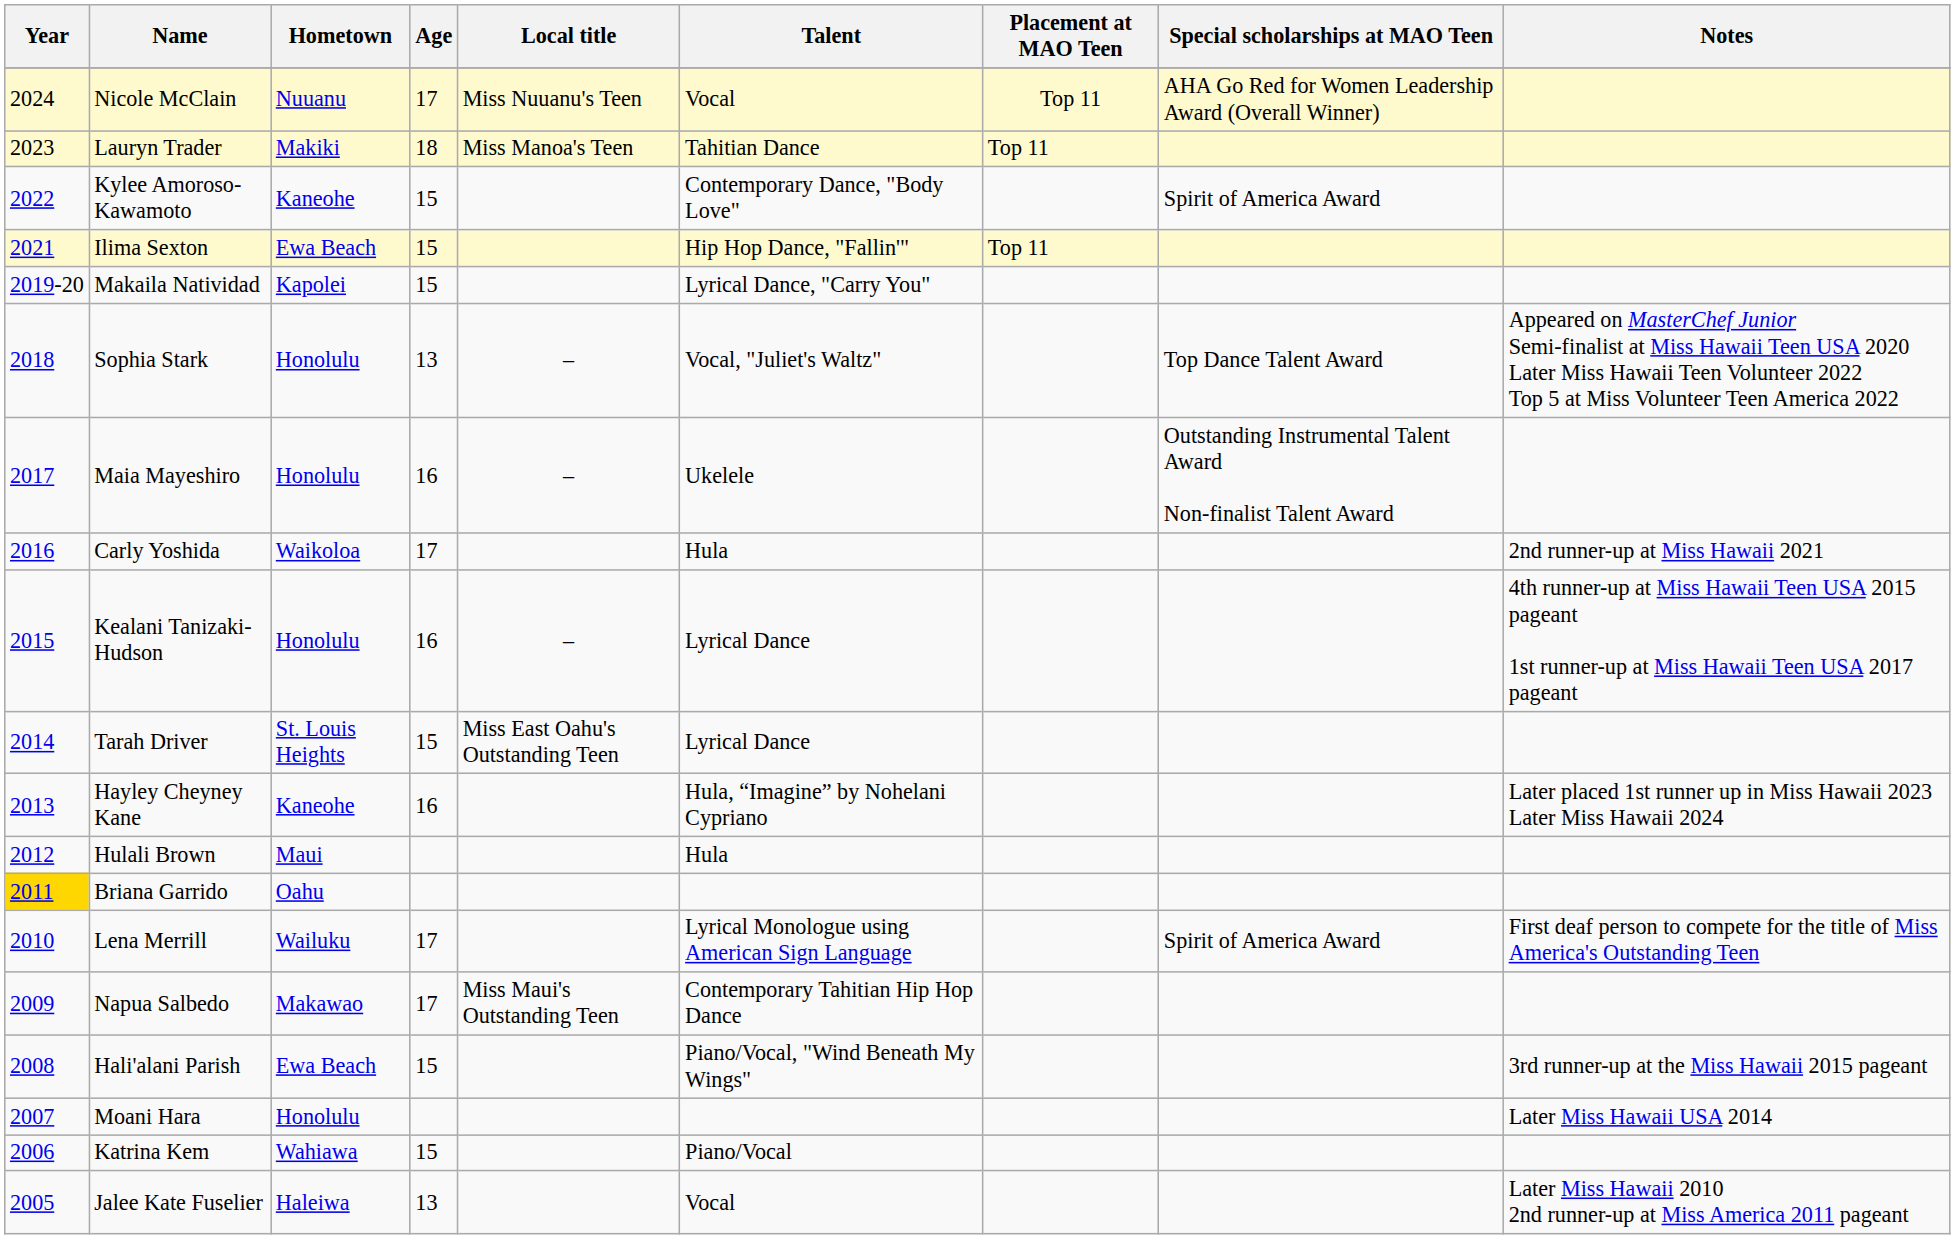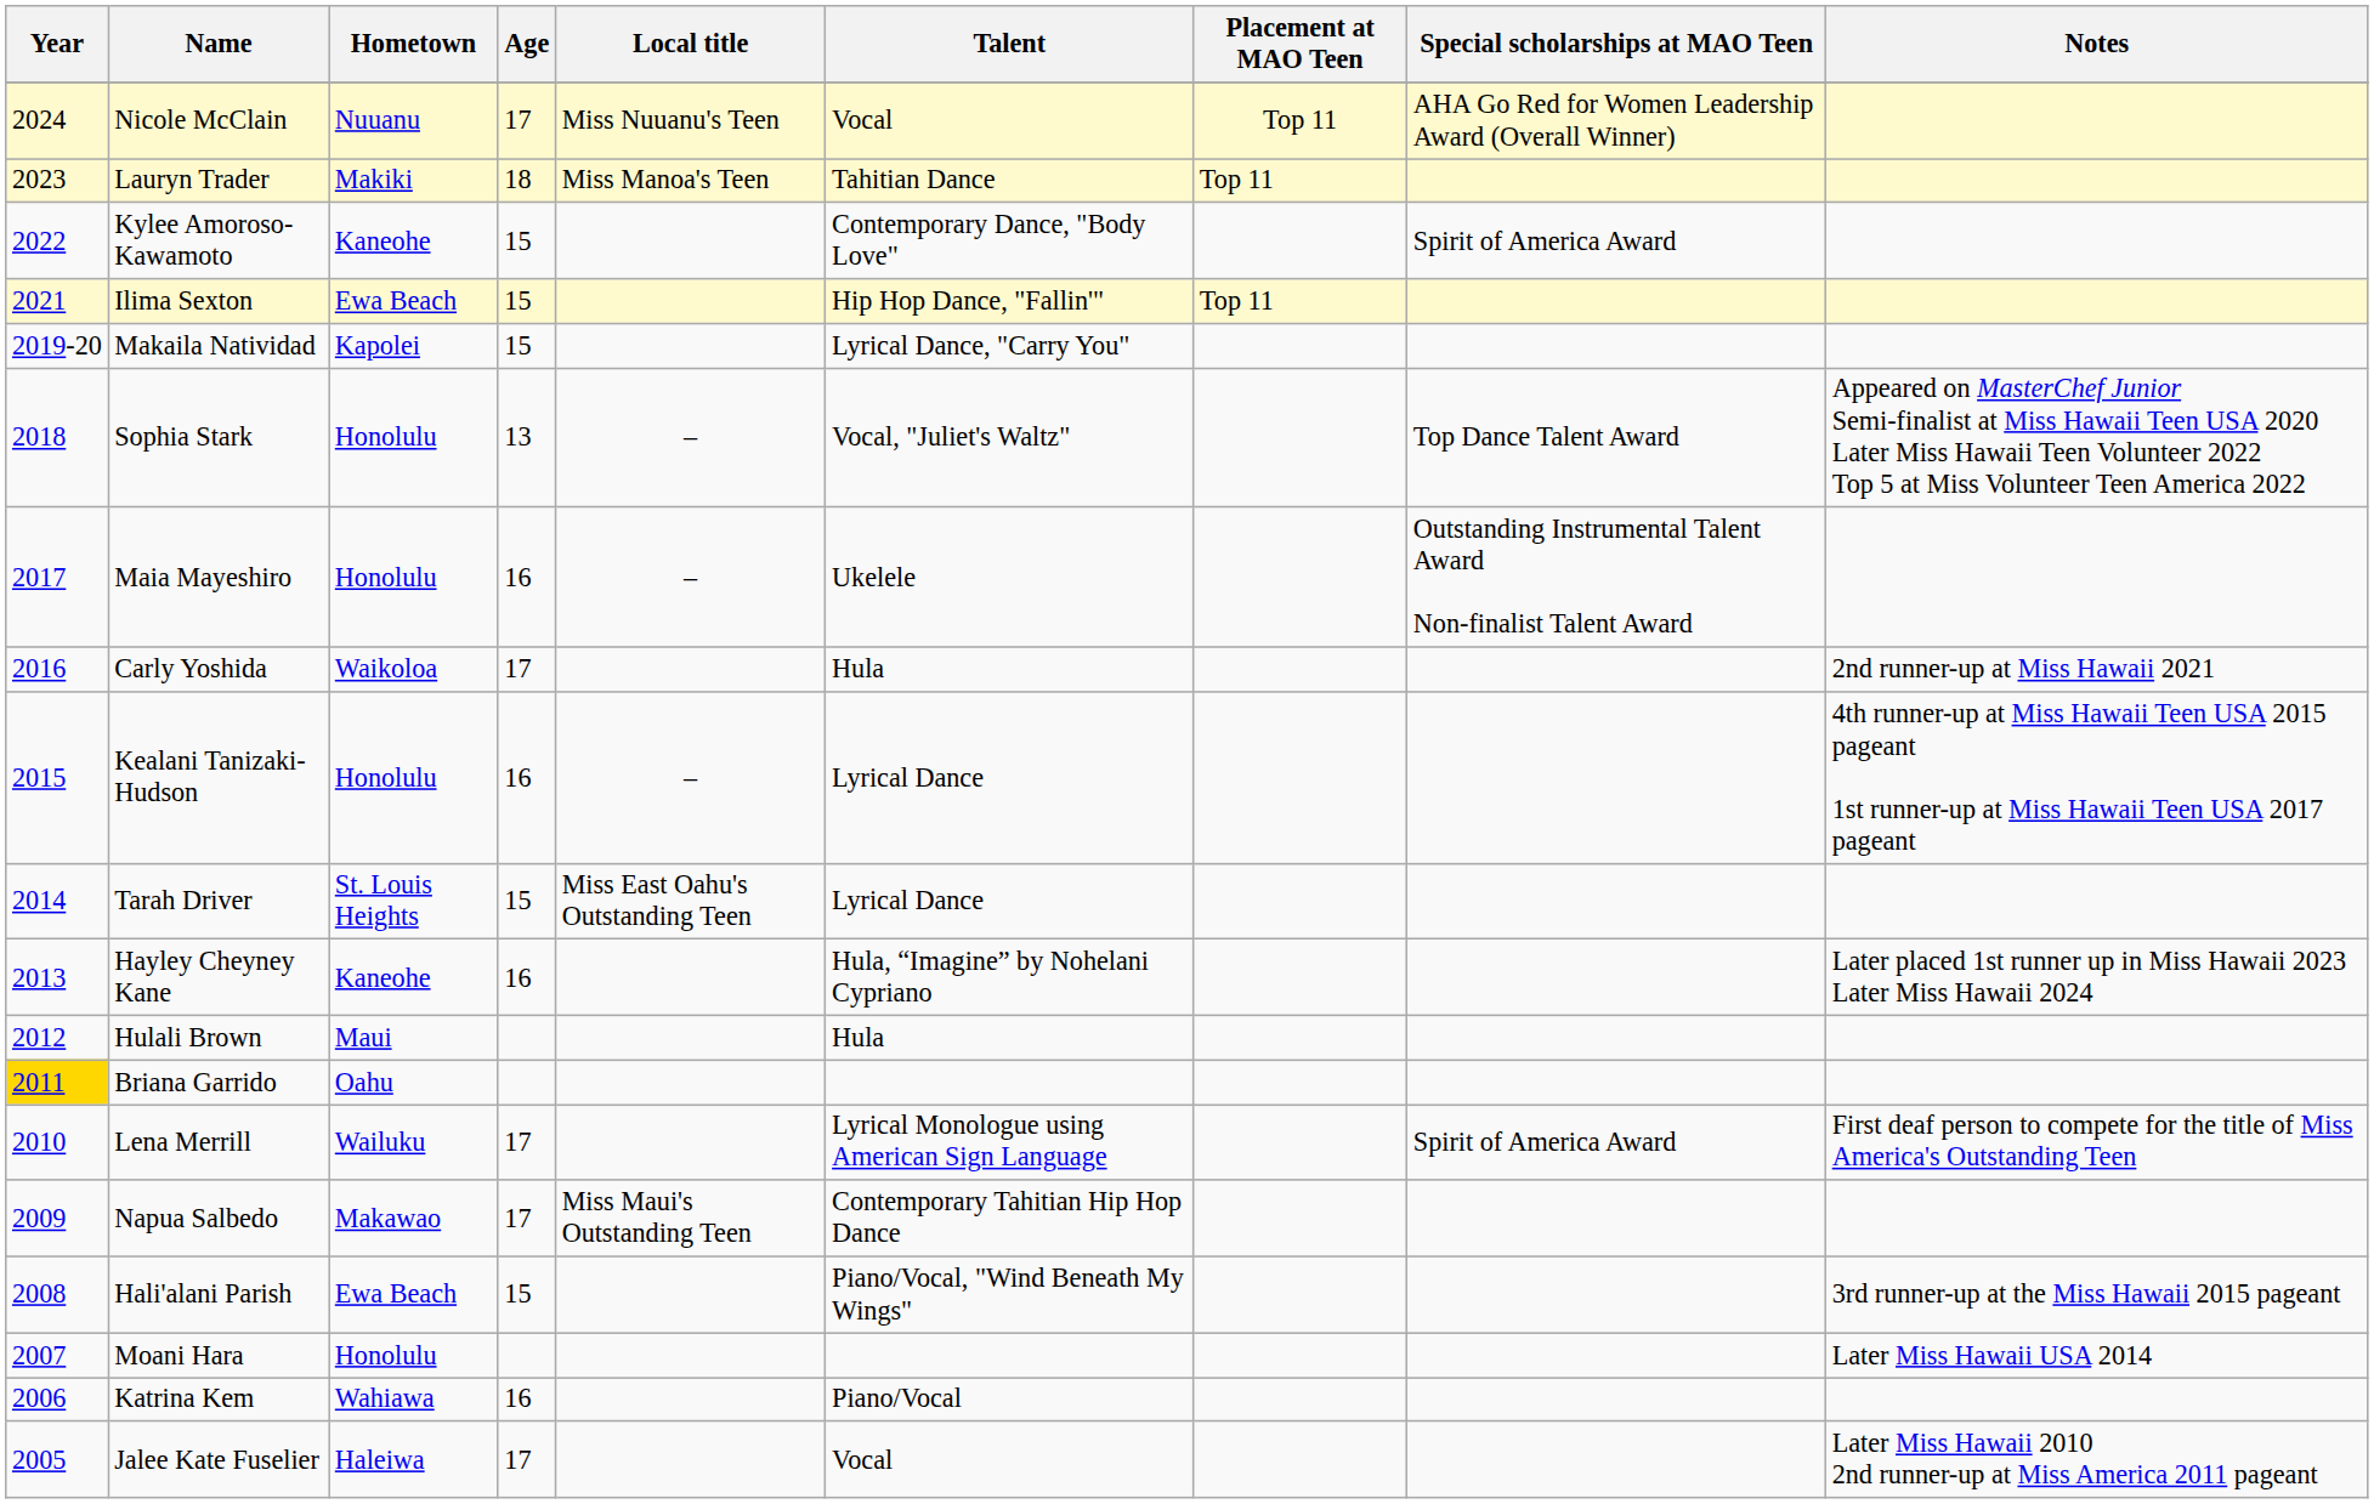 <table class="wikitable sortable"style="width:100%; font-size:90%;">
 <tr>
 <th>Year</th>
 <th>Name</th>
 <th>Hometown</th>
 <th>Age</th>
 <th>Local title</th>
 <th>Talent</th>
 <th>Placement at MAO Teen</th>
 <th>Special scholarships at MAO Teen</th>
 <th>Notes</th>
 </tr>
 <tr>
 </tr>
 <tr style="background-color:#FFFACD;">
 <td>2024</td>
 <td>Nicole McClain</td>
 <td><a href='#'>Nuuanu</a></td>
 <td>17</td>
 <td>Miss Nuuanu's Teen</td>
 <td>Vocal</td>
 <td align="center">Top 11</td>
 <td>AHA Go Red for Women Leadership Award (Overall Winner)</td>
 <td></td>
 </tr>
 <tr style="background-color:#FFFACD;">
 <td>2023</td>
 <td>Lauryn Trader</td>
 <td><a href='#'>Makiki</a></td>
 <td>18</td>
 <td>Miss Manoa's Teen</td>
 <td>Tahitian Dance</td>
 <td>Top 11</td>
 <td></td>
 <td></td>
 </tr>
 <tr>
 <td><a href='#'>2022</a></td>
 <td>Kylee Amoroso-Kawamoto</td>
 <td><a href='#'>Kaneohe</a></td>
 <td>15</td>
 <td></td>
 <td>Contemporary Dance, "Body Love"</td>
 <td align="center"></td>
 <td>Spirit of America Award</td>
 <td></td>
 </tr>
 <tr style="background-color:#FFFACD;">
 <td><a href='#'>2021</a></td>
 <td>Ilima Sexton</td>
 <td><a href='#'>Ewa Beach</a></td>
 <td>15</td>
 <td></td>
 <td>Hip Hop Dance, "Fallin'"</td>
 <td>Top 11</td>
 <td></td>
 <td></td>
 </tr>
 <tr>
 <td><a href='#'>2019</a>-20</td>
 <td>Makaila Natividad</td>
 <td><a href='#'>Kapolei</a></td>
 <td>15</td>
 <td></td>
 <td>Lyrical Dance, "Carry You"</td>
 <td></td>
 <td></td>
 <td></td>
 </tr>
 <tr>
 <td><a href='#'>2018</a></td>
 <td>Sophia Stark</td>
 <td><a href='#'>Honolulu</a></td>
 <td>13</td>
 <td style="text-align:center;">–</td>
 <td>Vocal, "Juliet's Waltz"</td>
 <td></td>
 <td>Top Dance Talent Award</td>
 <td>Appeared on <em><a href='#'>MasterChef Junior</a></em><br>Semi-finalist at <a href='#'>Miss Hawaii Teen USA</a> 2020 Later Miss Hawaii Teen Volunteer 2022<br>Top 5 at Miss Volunteer Teen America 2022</td>
 </tr>
 <tr>
 <td><a href='#'>2017</a></td>
 <td>Maia Mayeshiro</td>
 <td><a href='#'>Honolulu</a></td>
 <td>16</td>
 <td style="text-align:center;">–</td>
 <td>Ukelele</td>
 <td></td>
 <td>Outstanding Instrumental Talent Award<br><br>Non-finalist Talent Award</td>
 <td></td>
 </tr>
 <tr>
 <td><a href='#'>2016</a></td>
 <td>Carly Yoshida</td>
 <td><a href='#'>Waikoloa</a></td>
 <td>17</td>
 <td></td>
 <td>Hula</td>
 <td></td>
 <td></td>
 <td>2nd runner-up at <a href='#'>Miss Hawaii</a> 2021</td>
 </tr>
 <tr>
 <td><a href='#'>2015</a></td>
 <td>Kealani Tanizaki-Hudson</td>
 <td><a href='#'>Honolulu</a></td>
 <td>16</td>
 <td style="text-align:center;">–</td>
 <td>Lyrical Dance</td>
 <td></td>
 <td></td>
 <td>4th runner-up at <a href='#'>Miss Hawaii Teen USA</a> 2015 pageant<br><br>1st runner-up at <a href='#'>Miss Hawaii Teen USA</a> 2017 pageant</td>
 </tr>
 <tr>
 <td><a href='#'>2014</a></td>
 <td>Tarah Driver</td>
 <td><a href='#'>St. Louis Heights</a></td>
 <td>15</td>
 <td>Miss East Oahu's Outstanding Teen</td>
 <td>Lyrical Dance</td>
 <td></td>
 <td></td>
 <td></td>
 </tr>
 <tr>
 <td><a href='#'>2013</a></td>
 <td>Hayley Cheyney Kane</td>
 <td><a href='#'>Kaneohe</a></td>
 <td>16</td>
 <td></td>
 <td>Hula, “Imagine” by Nohelani Cypriano</td>
 <td></td>
 <td></td>
 <td>Later placed 1st runner up in Miss Hawaii 2023<br>Later Miss Hawaii 2024</td>
 </tr>
 <tr>
 <td><a href='#'>2012</a></td>
 <td>Hulali Brown</td>
 <td><a href='#'>Maui</a></td>
 <td></td>
 <td></td>
 <td>Hula</td>
 <td></td>
 <td></td>
 <td></td>
 </tr>
 <tr>
 <td style="background: gold;"><a href='#'>2011</a></td>
 <td>Briana Garrido</td>
 <td><a href='#'>Oahu</a></td>
 <td></td>
 <td></td>
 <td></td>
 <td></td>
 <td></td>
 <td></td>
 </tr>
 <tr>
 <td><a href='#'>2010</a></td>
 <td>Lena Merrill</td>
 <td><a href='#'>Wailuku</a></td>
 <td>17</td>
 <td></td>
 <td>Lyrical Monologue using <a href='#'>American Sign Language</a></td>
 <td></td>
 <td>Spirit of America Award</td>
 <td>First deaf person to compete for the title of <a href='#'>Miss America's Outstanding Teen</a></td>
 </tr>
 <tr>
 <td><a href='#'>2009</a></td>
 <td>Napua Salbedo</td>
 <td><a href='#'>Makawao</a></td>
 <td>17</td>
 <td>Miss Maui's Outstanding Teen</td>
 <td>Contemporary Tahitian Hip Hop Dance</td>
 <td></td>
 <td></td>
 <td></td>
 </tr>
 <tr>
 <td><a href='#'>2008</a></td>
 <td>Hali'alani Parish</td>
 <td><a href='#'>Ewa Beach</a></td>
 <td>15</td>
 <td></td>
 <td>Piano/Vocal, "Wind Beneath My Wings"</td>
 <td></td>
 <td></td>
 <td>3rd runner-up at the <a href='#'>Miss Hawaii</a> 2015 pageant</td>
 </tr>
 <tr>
 <td><a href='#'>2007</a></td>
 <td>Moani Hara</td>
 <td><a href='#'>Honolulu</a></td>
 <td></td>
 <td></td>
 <td></td>
 <td></td>
 <td></td>
 <td>Later <a href='#'>Miss Hawaii USA</a> 2014</td>
 </tr>
 <tr>
 <td><a href='#'>2006</a></td>
 <td>Katrina Kem</td>
 <td><a href='#'>Wahiawa</a></td>
-<td>15</td>
+<td>16</td>
 <td></td>
 <td>Piano/Vocal</td>
 <td></td>
 <td></td>
 <td></td>
 </tr>
 <tr>
 <td><a href='#'>2005</a></td>
 <td>Jalee Kate Fuselier</td>
 <td><a href='#'>Haleiwa</a></td>
-<td>13</td>
+<td>17</td>
 <td></td>
 <td>Vocal</td>
 <td></td>
 <td></td>
 <td>Later <a href='#'>Miss Hawaii</a> 2010<br>2nd runner-up at <a href='#'>Miss America 2011</a> pageant</td>
 </tr>
 </table>
